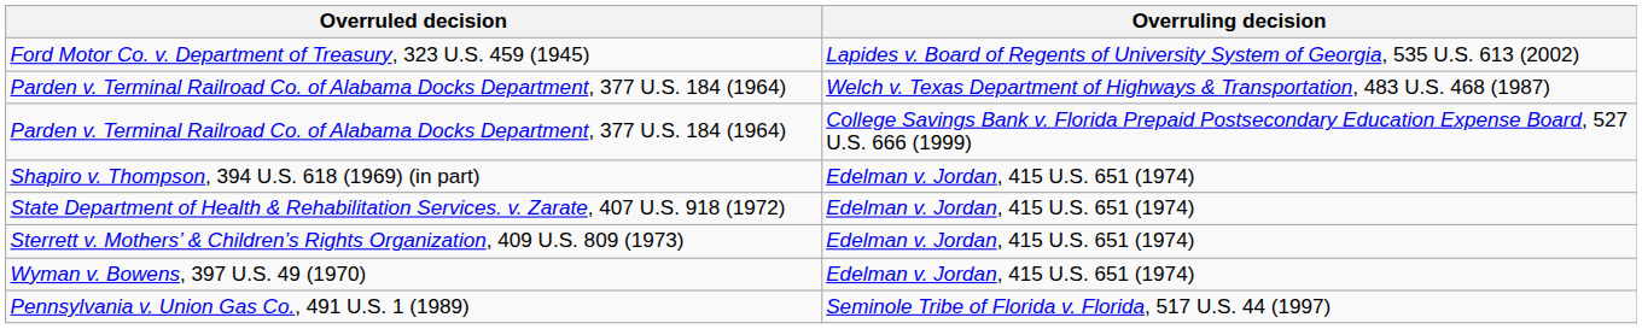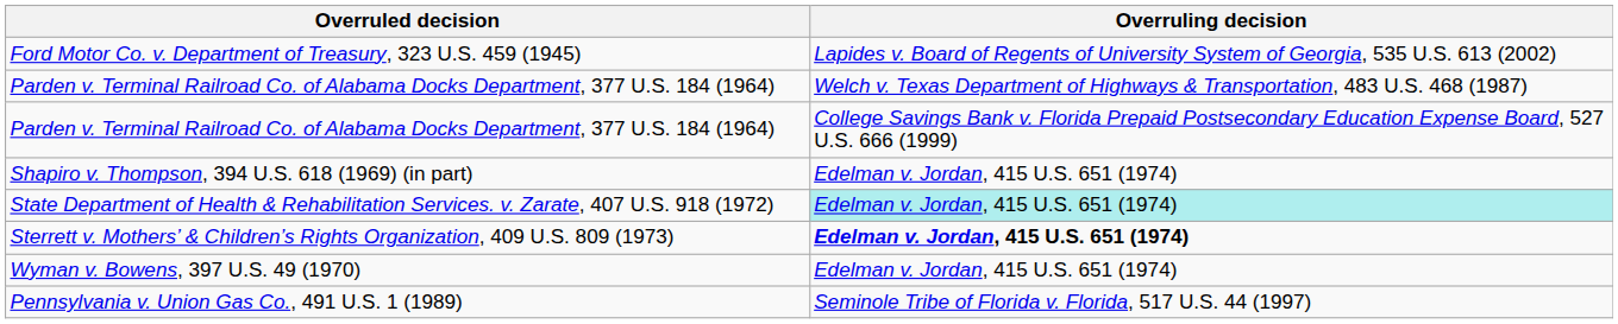 <table class="wikitable sortable collapsible" style="width:100%">
 <tr>
 <th width="50%">Overruled decision</th>
 <th width="50%">Overruling decision</th>
 </tr>
 <tr valign="top">
 <td><em><a href='#'>Ford Motor Co. v. Department of Treasury</a></em>, 323 U.S. 459 (1945)</td>
 <td><em><a href='#'>Lapides v. Board of Regents of University System of Georgia</a></em>, 535 U.S. 613 (2002)</td>
 </tr>
 <tr>
 <td><em><a href='#'>Parden v. Terminal Railroad Co. of Alabama Docks Department</a></em>, 377 U.S. 184 (1964)</td>
 <td><em><a href='#'>Welch v. Texas Department of Highways & Transportation</a></em>, 483 U.S. 468 (1987)</td>
 </tr>
 <tr>
 <td><em><a href='#'>Parden v. Terminal Railroad Co. of Alabama Docks Department</a></em>, 377 U.S. 184 (1964)</td>
 <td><em><a href='#'>College Savings Bank v. Florida Prepaid Postsecondary Education Expense Board</a></em>, 527 U.S. 666 (1999)</td>
 </tr>
 <tr>
 <td><em><a href='#'>Shapiro v. Thompson</a></em>, 394 U.S. 618 (1969) (in part)</td>
 <td><em><a href='#'>Edelman v. Jordan</a></em>, 415 U.S. 651 (1974)</td>
 </tr>
 <tr>
 <td><em><a href='#'>State Department of Health & Rehabilitation Services. v. Zarate</a></em>, 407 U.S. 918 (1972)</td>
-<td><em><a href='#'>Edelman v. Jordan</a></em>, 415 U.S. 651 (1974)</td>
+<td style="background: paleturquoise;"><em><a href='#'>Edelman v. Jordan</a></em>, 415 U.S. 651 (1974)</td>
 </tr>
 <tr>
 <td><em><a href='#'>Sterrett v. Mothers’ & Children’s Rights Organization</a></em>, 409 U.S. 809 (1973)</td>
-<td><em><a href='#'>Edelman v. Jordan</a></em>, 415 U.S. 651 (1974)</td>
+<td><strong><em><a href='#'>Edelman v. Jordan</a></em>, 415 U.S. 651 (1974)</strong></td>
 </tr>
 <tr>
 <td><em><a href='#'>Wyman v. Bowens</a></em>, 397 U.S. 49 (1970)</td>
 <td><em><a href='#'>Edelman v. Jordan</a></em>, 415 U.S. 651 (1974)</td>
 </tr>
 <tr>
 <td><em><a href='#'>Pennsylvania v. Union Gas Co.</a></em>, 491 U.S. 1 (1989)</td>
 <td><em><a href='#'>Seminole Tribe of Florida v. Florida</a></em>, 517 U.S. 44 (1997)</td>
 </tr>
 </table>
